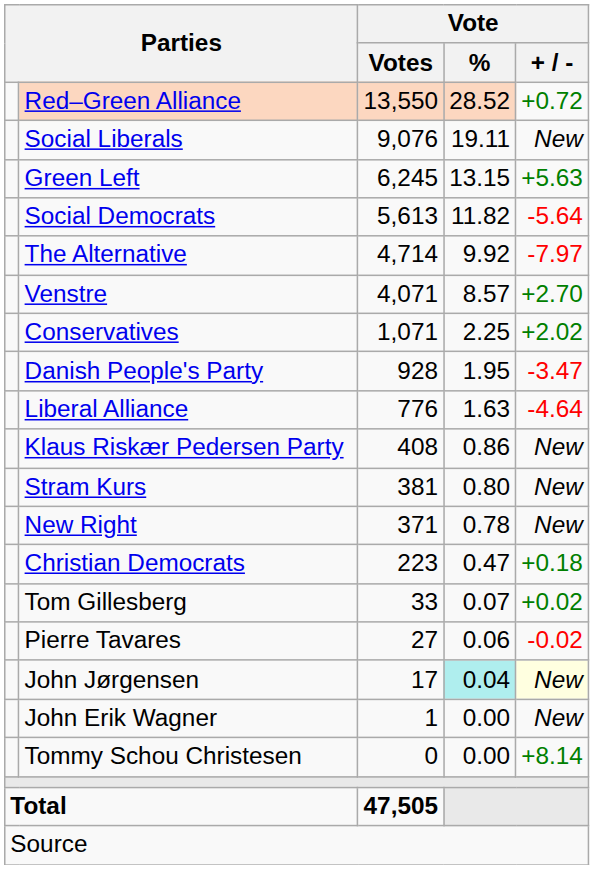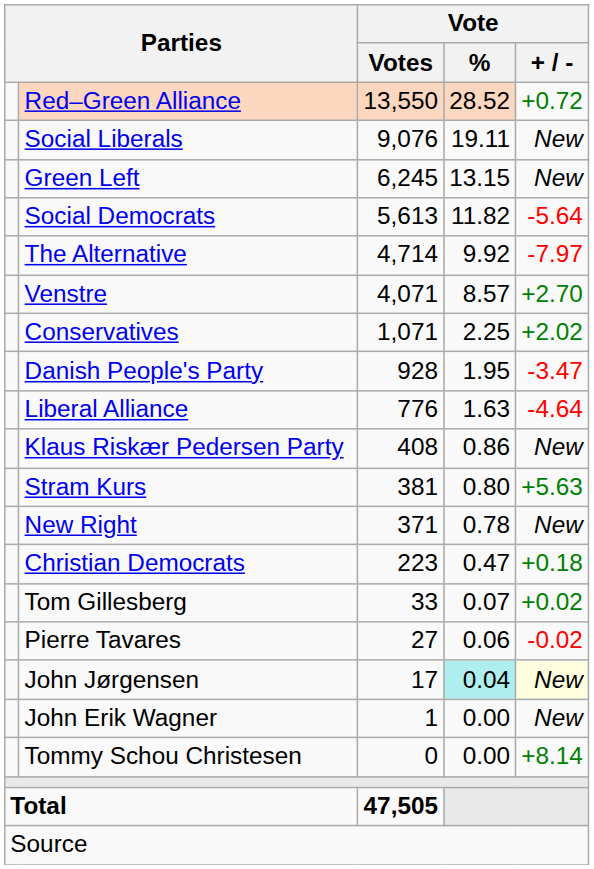 <table class="wikitable" style="text-align:right;">
 <tr>
 <th style="text-align:centre;" rowspan="2" colspan="2" width="225">Parties</th>
 <th colspan="3">Vote</th>
 </tr>
 <tr>
 <th width="15">Votes</th>
 <th width="15">%</th>
 <th width="15">+ / -</th>
 </tr>
 <tr>
 <td width="2" style="color:inherit;background:"></td>
 <td bgcolor=#fcd7c0  align="left"><a href='#'>Red–Green Alliance</a></td>
 <td bgcolor=#fcd7c0>13,550</td>
 <td bgcolor=#fcd7c0>28.52</td>
 <td style=color:green;>+0.72</td>
 </tr>
 <tr>
 <td width="2" style="color:inherit;background:"></td>
 <td align="left"><a href='#'>Social Liberals</a></td>
 <td>9,076</td>
 <td>19.11</td>
 <td><em>New</em></td>
 </tr>
 <tr>
 <td width="2" style="color:inherit;background:"></td>
 <td align="left"><a href='#'>Green Left</a></td>
 <td>6,245</td>
 <td>13.15</td>
-<td style=color:green;>+5.63</td>
+<td><em>New</em></td>
 </tr>
 <tr>
 <td width="2" style="color:inherit;background:"></td>
 <td align="left"><a href='#'>Social Democrats</a></td>
 <td>5,613</td>
 <td>11.82</td>
 <td style=color:red;>-5.64</td>
 </tr>
 <tr>
 <td width="2" style="color:inherit;background:"></td>
 <td align="left"><a href='#'>The Alternative</a></td>
 <td>4,714</td>
 <td>9.92</td>
 <td style=color:red;>-7.97</td>
 </tr>
 <tr>
 <td width="2" style="color:inherit;background:"></td>
 <td align="left"><a href='#'>Venstre</a></td>
 <td>4,071</td>
 <td>8.57</td>
 <td style=color:green;>+2.70</td>
 </tr>
 <tr>
 <td width="2" style="color:inherit;background:"></td>
 <td align="left"><a href='#'>Conservatives</a></td>
 <td>1,071</td>
 <td>2.25</td>
 <td style=color:green;>+2.02</td>
 </tr>
 <tr>
 <td width="2" style="color:inherit;background:"></td>
 <td align="left"><a href='#'>Danish People's Party</a></td>
 <td>928</td>
 <td>1.95</td>
 <td style=color:red;>-3.47</td>
 </tr>
 <tr>
 <td width="2" style="color:inherit;background:"></td>
 <td align="left"><a href='#'>Liberal Alliance</a></td>
 <td>776</td>
 <td>1.63</td>
 <td style=color:red;>-4.64</td>
 </tr>
 <tr>
 <td width="2" style="color:inherit;background:"></td>
 <td align="left"><a href='#'>Klaus Riskær Pedersen Party</a></td>
 <td>408</td>
 <td>0.86</td>
 <td><em>New</em></td>
 </tr>
 <tr>
 <td width="2" style="color:inherit;background:"></td>
 <td align="left"><a href='#'>Stram Kurs</a></td>
 <td>381</td>
 <td>0.80</td>
-<td><em>New</em></td>
+<td style=color:green;>+5.63</td>
 </tr>
 <tr>
 <td width="2" style="color:inherit;background:"></td>
 <td align="left"><a href='#'>New Right</a></td>
 <td>371</td>
 <td>0.78</td>
 <td><em>New</em></td>
 </tr>
 <tr>
 <td width="2" style="color:inherit;background:"></td>
 <td align="left"><a href='#'>Christian Democrats</a></td>
 <td>223</td>
 <td>0.47</td>
 <td style=color:green;>+0.18</td>
 </tr>
 <tr>
 <td width="2" style="color:inherit;background:"></td>
 <td align="left">Tom Gillesberg</td>
 <td>33</td>
 <td>0.07</td>
 <td style=color:green;>+0.02</td>
 </tr>
 <tr>
 <td width="2" style="color:inherit;background:"></td>
 <td align="left">Pierre Tavares</td>
 <td>27</td>
 <td>0.06</td>
 <td style=color:red;>-0.02</td>
 </tr>
 <tr>
 <td width="2" style="color:inherit;background:"></td>
 <td align="left">John Jørgensen</td>
 <td>17</td>
 <td style="background: paleturquoise;">0.04</td>
 <td style="background: lightyellow;"><em>New</em></td>
 </tr>
 <tr>
 <td width="2" style="color:inherit;background:"></td>
 <td align="left">John Erik Wagner</td>
 <td>1</td>
 <td>0.00</td>
 <td><em>New</em></td>
 </tr>
 <tr>
 <td width="2" style="color:inherit;background:"></td>
 <td align="left">Tommy Schou Christesen</td>
 <td>0</td>
 <td>0.00</td>
 <td style=color:green;>+8.14</td>
 </tr>
 <tr>
 <td colspan="7" bgcolor="#E9E9E9"></td>
 </tr>
 <tr>
 <td align="left" colspan="2"><strong>Total</strong></td>
 <td><strong>47,505</strong></td>
 <td bgcolor="#E9E9E9" colspan="2"></td>
 </tr>
 <tr>
 <td align="left" colspan="6">Source</td>
 </tr>
 </table>
